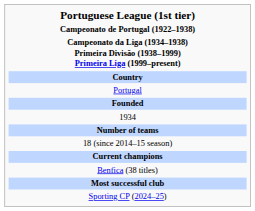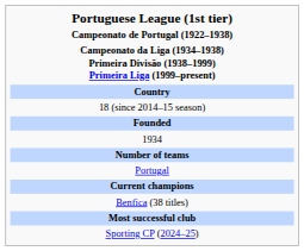 <table class="infobox football" style="width: 22em; text-align: center;">
 <tr>
 <th style="font-size: 16px;">Portuguese League (1st tier)</th>
 </tr>
 <tr>
 <th style="font-size: 12px;">Campeonato de Portugal (1922–1938)</th>
 </tr>
 <tr>
 <th style="font-size: 12px;">Campeonato da Liga (1934–1938)<br>Primeira Divisão (1938–1999)<br><a href='#'>Primeira Liga</a> (1999–present)</th>
 </tr>
 <tr>
 <td style="font-size: 12px; background: #BFD7FF;"><strong>Country</strong></td>
 </tr>
 <tr>
-<td style="font-size: 12px;"> <a href='#'>Portugal</a></td>
+<td style="font-size: 12px;">18 (since 2014–15 season)</td>
 </tr>
 <tr>
 <td style="font-size: 12px; background: #BFD7FF;"><strong>Founded</strong></td>
 </tr>
 <tr>
 <td style="font-size: 12px;">1934</td>
 </tr>
 <tr>
 <td style="font-size: 12px; background: #BFD7FF;"><strong>Number of teams</strong></td>
 </tr>
 <tr>
-<td style="font-size: 12px;">18 (since 2014–15 season)</td>
+<td style="font-size: 12px;"> <a href='#'>Portugal</a></td>
 </tr>
 <tr>
 <td style="font-size: 12px; background: #BFD7FF;"><strong>Current champions</strong></td>
 </tr>
 <tr>
 <td style="font-size: 12px;"><a href='#'>Benfica</a> (38 titles)</td>
 </tr>
 <tr>
 <td style="font-size: 12px; background: #BFD7FF;"><strong>Most successful club</strong></td>
 </tr>
 <tr>
 <td style="font-size: 12px;"><a href='#'>Sporting CP</a> (<a href='#'>2024–25</a>)</td>
 </tr>
 </table>
